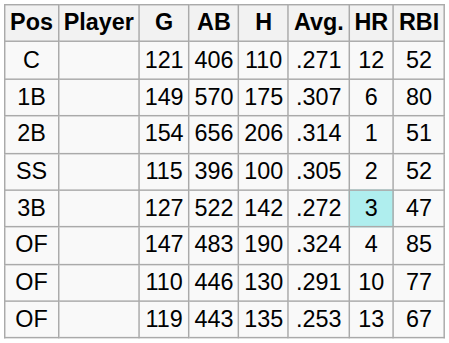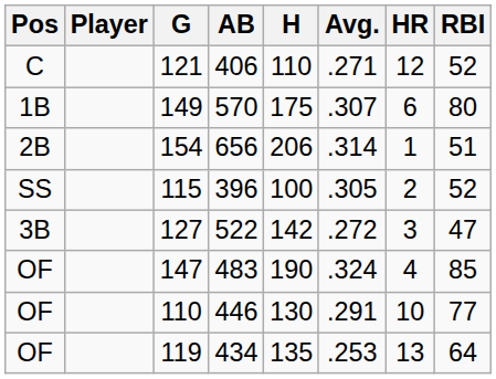 <table class="wikitable sortable" style="text-align:center;">
 <tr>
 <th>Pos</th>
 <th>Player</th>
 <th>G</th>
 <th>AB</th>
 <th>H</th>
 <th>Avg.</th>
 <th>HR</th>
 <th>RBI</th>
 </tr>
 <tr>
 <td>C</td>
 <td></td>
 <td>121</td>
 <td>406</td>
 <td>110</td>
 <td>.271</td>
 <td>12</td>
 <td>52</td>
 </tr>
 <tr>
 <td>1B</td>
 <td></td>
 <td>149</td>
 <td>570</td>
 <td>175</td>
 <td>.307</td>
 <td>6</td>
 <td>80</td>
 </tr>
 <tr>
 <td>2B</td>
 <td></td>
 <td>154</td>
 <td>656</td>
 <td>206</td>
 <td>.314</td>
 <td>1</td>
 <td>51</td>
 </tr>
 <tr>
 <td>SS</td>
 <td></td>
 <td>115</td>
 <td>396</td>
 <td>100</td>
 <td>.305</td>
 <td>2</td>
 <td>52</td>
 </tr>
 <tr>
 <td>3B</td>
 <td></td>
 <td>127</td>
 <td>522</td>
 <td>142</td>
 <td>.272</td>
-<td style="background: paleturquoise;">3</td>
+<td>3</td>
 <td>47</td>
 </tr>
 <tr>
 <td>OF</td>
 <td></td>
 <td>147</td>
 <td>483</td>
 <td>190</td>
 <td>.324</td>
 <td>4</td>
 <td>85</td>
 </tr>
 <tr>
 <td>OF</td>
 <td></td>
 <td>110</td>
 <td>446</td>
 <td>130</td>
 <td>.291</td>
 <td>10</td>
 <td>77</td>
 </tr>
 <tr>
 <td>OF</td>
 <td></td>
 <td>119</td>
-<td>443</td>
+<td>434</td>
 <td>135</td>
 <td>.253</td>
 <td>13</td>
-<td>67</td>
+<td>64</td>
 </tr>
 </table>
